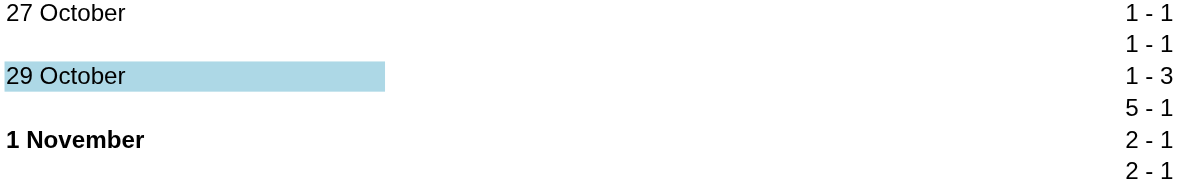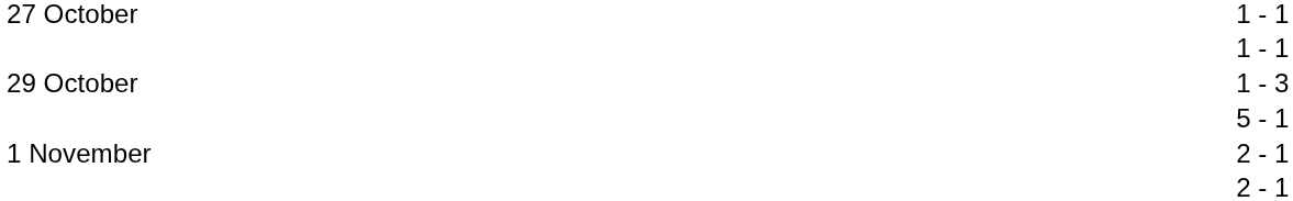 <table cellspacing=1 width=85%>
 <tr>
 <th width=15%></th>
 <th width=25%></th>
 <th width=10%></th>
 <th width=25%></th>
 <th width=25%></th>
 </tr>
 <tr>
 <td>27 October</td>
 <td align=right></td>
 <td align=center>1 - 1</td>
 <td></td>
 </tr>
 <tr>
 <td></td>
 <td align=right></td>
 <td align=center>1 - 1</td>
 <td></td>
 </tr>
 <tr>
-<td style="background: lightblue;">29 October</td>
+<td>29 October</td>
 <td align=right></td>
 <td align=center>1 - 3</td>
 <td></td>
 </tr>
 <tr>
 <td></td>
 <td align=right></td>
 <td align=center>5 - 1</td>
 <td></td>
 </tr>
 <tr>
-<td><strong>1 November</strong></td>
+<td>1 November</td>
 <td align=right></td>
 <td align=center>2 - 1</td>
 <td></td>
 </tr>
 <tr>
 <td></td>
 <td align=right></td>
 <td align=center>2 - 1</td>
 <td></td>
 </tr>
 </table>
